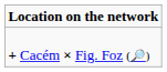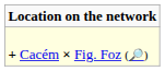 <table role="presentation" class="wikitable floatright mw-collapsible mw-collapsed">
 <tr>
 <td><strong>Location on the network</strong></td>
 </tr>
 <tr>
-<td><br><span><strong>+</strong> <a href='#'>Cacém</a></span> <span><strong>×</strong> <a href='#'>Fig. Foz</a></span> <small>(<a href='#'>🔎</a>)</small></td>
+<td style="background: lightyellow;"><br><span><strong>+</strong> <a href='#'>Cacém</a></span> <span><strong>×</strong> <a href='#'>Fig. Foz</a></span> <small>(<a href='#'>🔎</a>)</small></td>
 </tr>
 </table>
